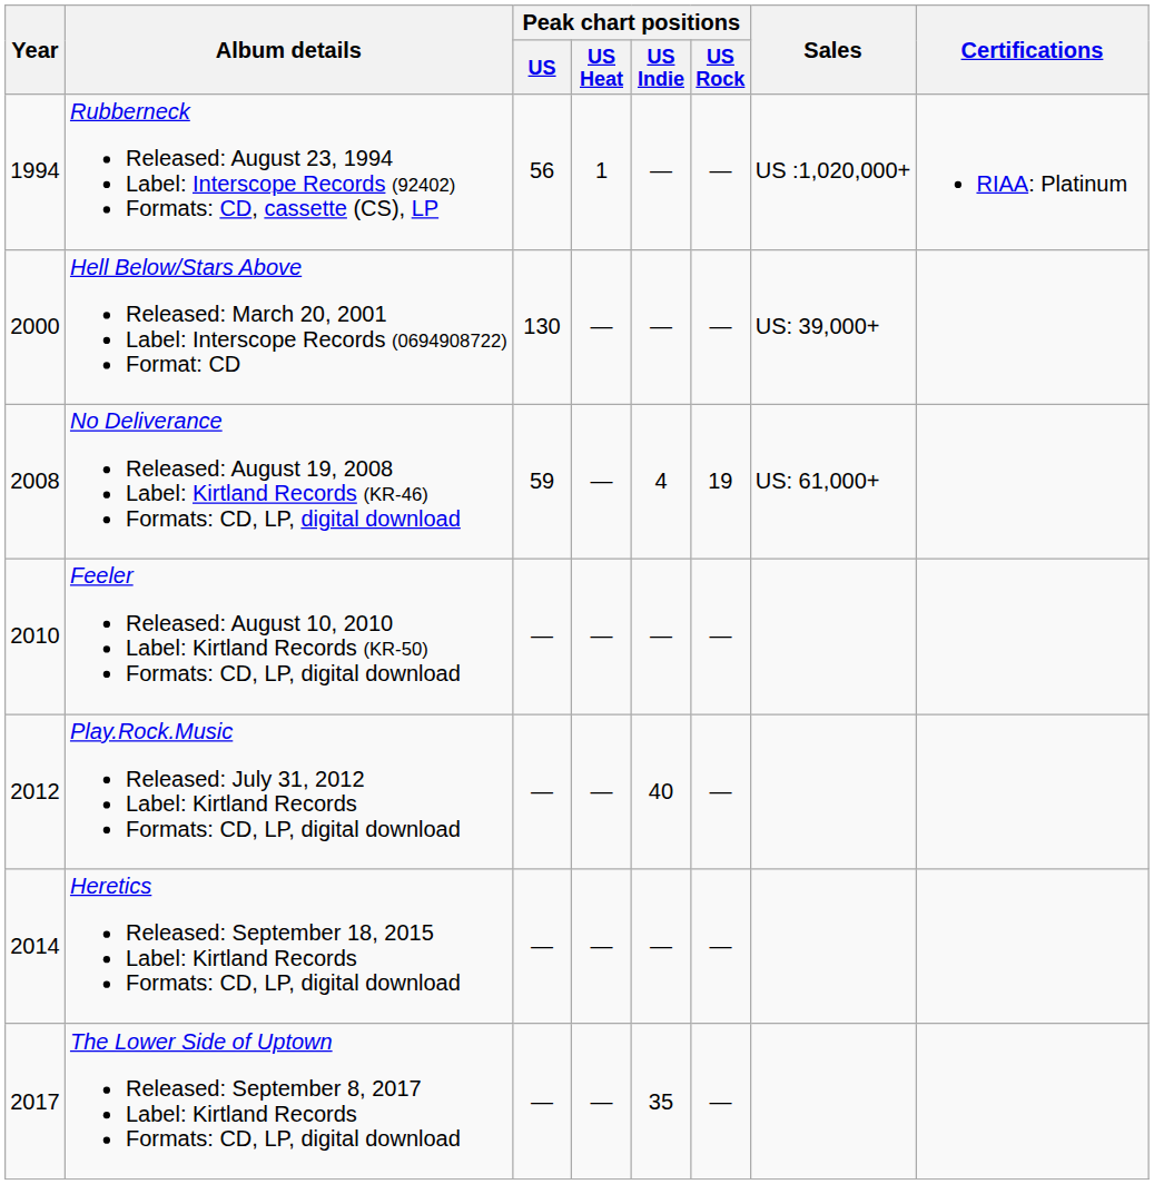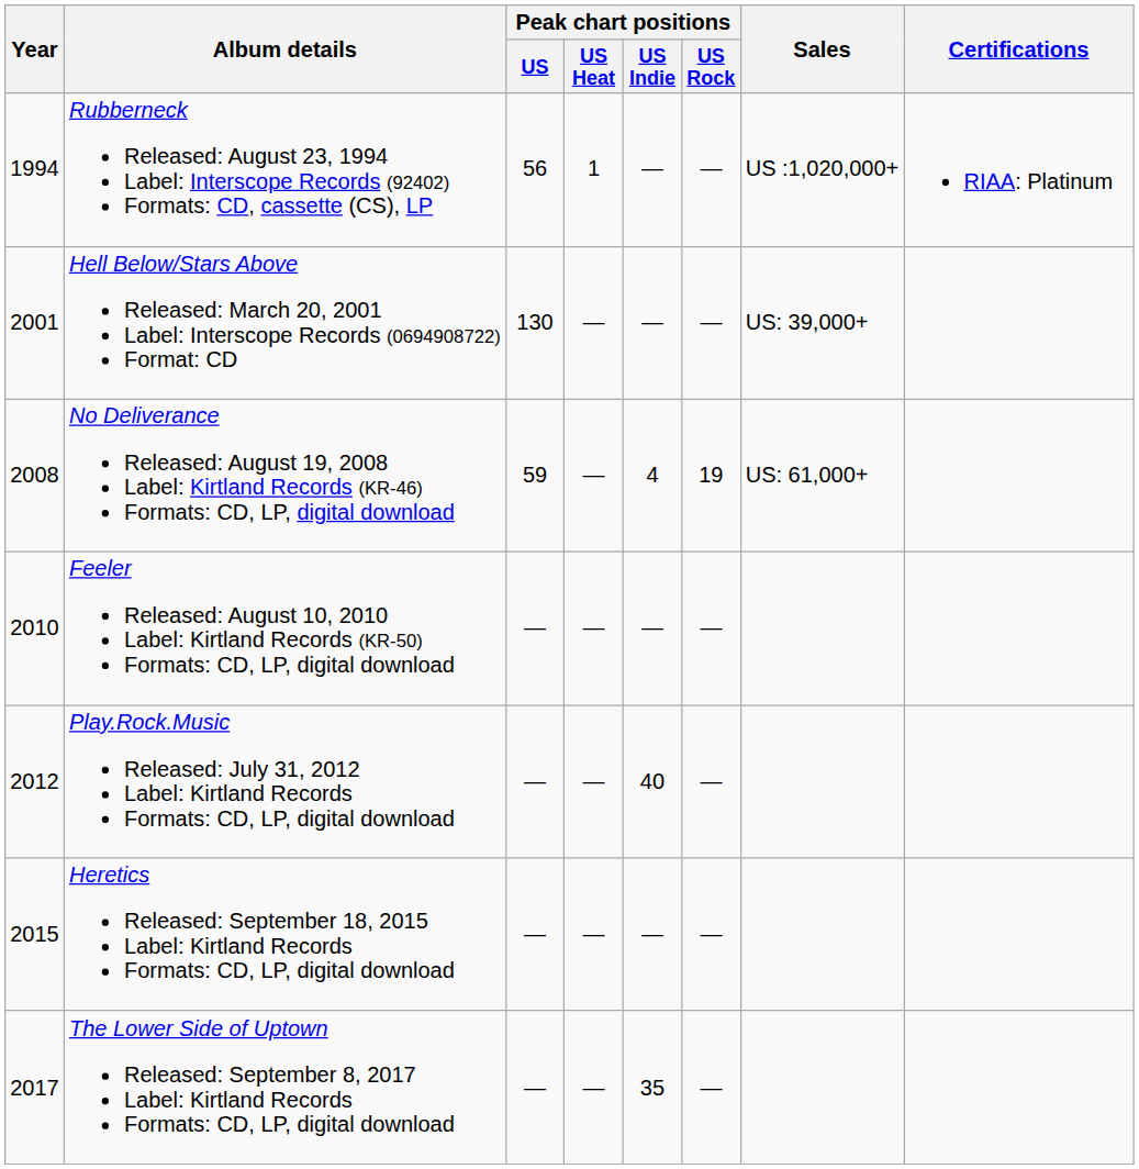 <table class="wikitable">
 <tr>
 <th rowspan="2">Year</th>
 <th rowspan="2">Album details</th>
 <th scope="col" colspan="4">Peak chart positions</th>
 <th rowspan="2">Sales</th>
 <th scope="col" rowspan="2" style="width:10em;"><a href='#'>Certifications</a></th>
 </tr>
 <tr>
 <th scope="col" style="width:2.5em;font-size:90%;"><a href='#'>US</a><br></th>
 <th scope="col" style="width:2.5em;font-size:90%;"><a href='#'>US<br>Heat</a><br></th>
 <th scope="col" style="width:2.5em;font-size:90%;"><a href='#'>US<br>Indie</a><br></th>
 <th scope="col" style="width:2.5em;font-size:90%;"><a href='#'>US<br>Rock</a><br></th>
 </tr>
 <tr>
 <td>1994</td>
 <td><em><a href='#'>Rubberneck</a></em><br><ul><li>Released: August 23, 1994</li><li>Label: <a href='#'>Interscope Records</a> <small>(92402)</small></li><li>Formats: <a href='#'>CD</a>, <a href='#'>cassette</a> (CS), <a href='#'>LP</a></li></ul></td>
 <td align=center>56</td>
 <td align=center>1</td>
 <td align=center>—</td>
 <td align=center>—</td>
 <td>US :1,020,000+</td>
 <td><br><ul><li><a href='#'>RIAA</a>: Platinum</li></ul></td>
 </tr>
 <tr>
-<td>2000</td>
+<td>2001</td>
 <td><em><a href='#'>Hell Below/Stars Above</a></em><br><ul><li>Released: March 20, 2001</li><li>Label: Interscope Records <small>(0694908722)</small></li><li>Format: CD</li></ul></td>
 <td align=center>130</td>
 <td align=center>—</td>
 <td align=center>—</td>
 <td align=center>—</td>
 <td>US: 39,000+</td>
 <td></td>
 </tr>
 <tr>
 <td>2008</td>
 <td><em><a href='#'>No Deliverance</a></em><br><ul><li>Released: August 19, 2008</li><li>Label: <a href='#'>Kirtland Records</a> <small>(KR-46)</small></li><li>Formats: CD, LP, <a href='#'>digital download</a></li></ul></td>
 <td align=center>59</td>
 <td align=center>—</td>
 <td align=center>4</td>
 <td align=center>19</td>
 <td>US: 61,000+</td>
 <td></td>
 </tr>
 <tr>
 <td>2010</td>
 <td><em><a href='#'>Feeler</a></em><br><ul><li>Released: August 10, 2010</li><li>Label: Kirtland Records <small>(KR-50)</small></li><li>Formats: CD, LP, digital download</li></ul></td>
 <td align=center>—</td>
 <td align=center>—</td>
 <td align=center>—</td>
 <td align=center>—</td>
 <td></td>
 <td></td>
 </tr>
 <tr>
 <td>2012</td>
 <td><em><a href='#'>Play.Rock.Music</a></em><br><ul><li>Released: July 31, 2012</li><li>Label: Kirtland Records</li><li>Formats: CD, LP, digital download</li></ul></td>
 <td align=center>—</td>
 <td align=center>—</td>
 <td align=center>40</td>
 <td align=center>—</td>
 <td></td>
 <td></td>
 </tr>
 <tr>
-<td>2014</td>
+<td>2015</td>
 <td><em><a href='#'>Heretics</a></em><br><ul><li>Released: September 18, 2015</li><li>Label: Kirtland Records</li><li>Formats: CD, LP, digital download</li></ul></td>
 <td align=center>—</td>
 <td align=center>—</td>
 <td align=center>—</td>
 <td align=center>—</td>
 <td></td>
 <td></td>
 </tr>
 <tr>
 <td>2017</td>
 <td><em><a href='#'>The Lower Side of Uptown</a></em><br><ul><li>Released: September 8, 2017</li><li>Label: Kirtland Records</li><li>Formats: CD, LP, digital download</li></ul></td>
 <td align=center>—</td>
 <td align=center>—</td>
 <td align=center>35</td>
 <td align=center>—</td>
 <td></td>
 <td></td>
 </tr>
 <tr>
 </tr>
 </table>
